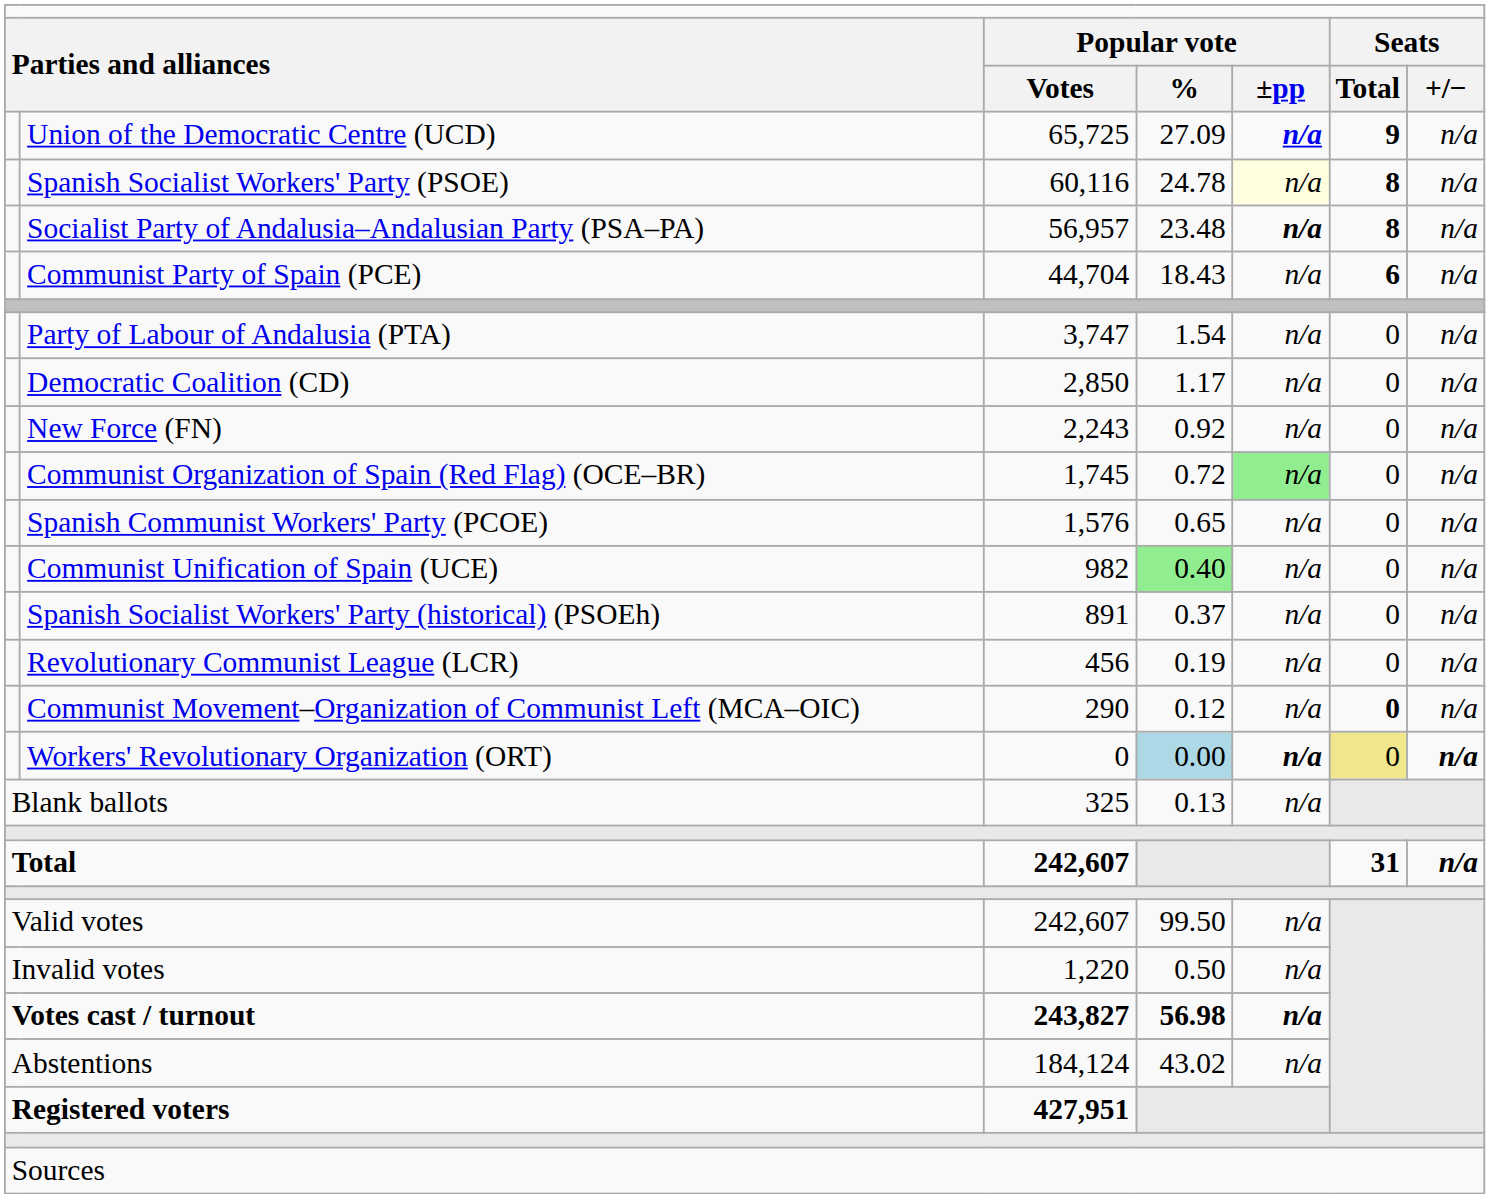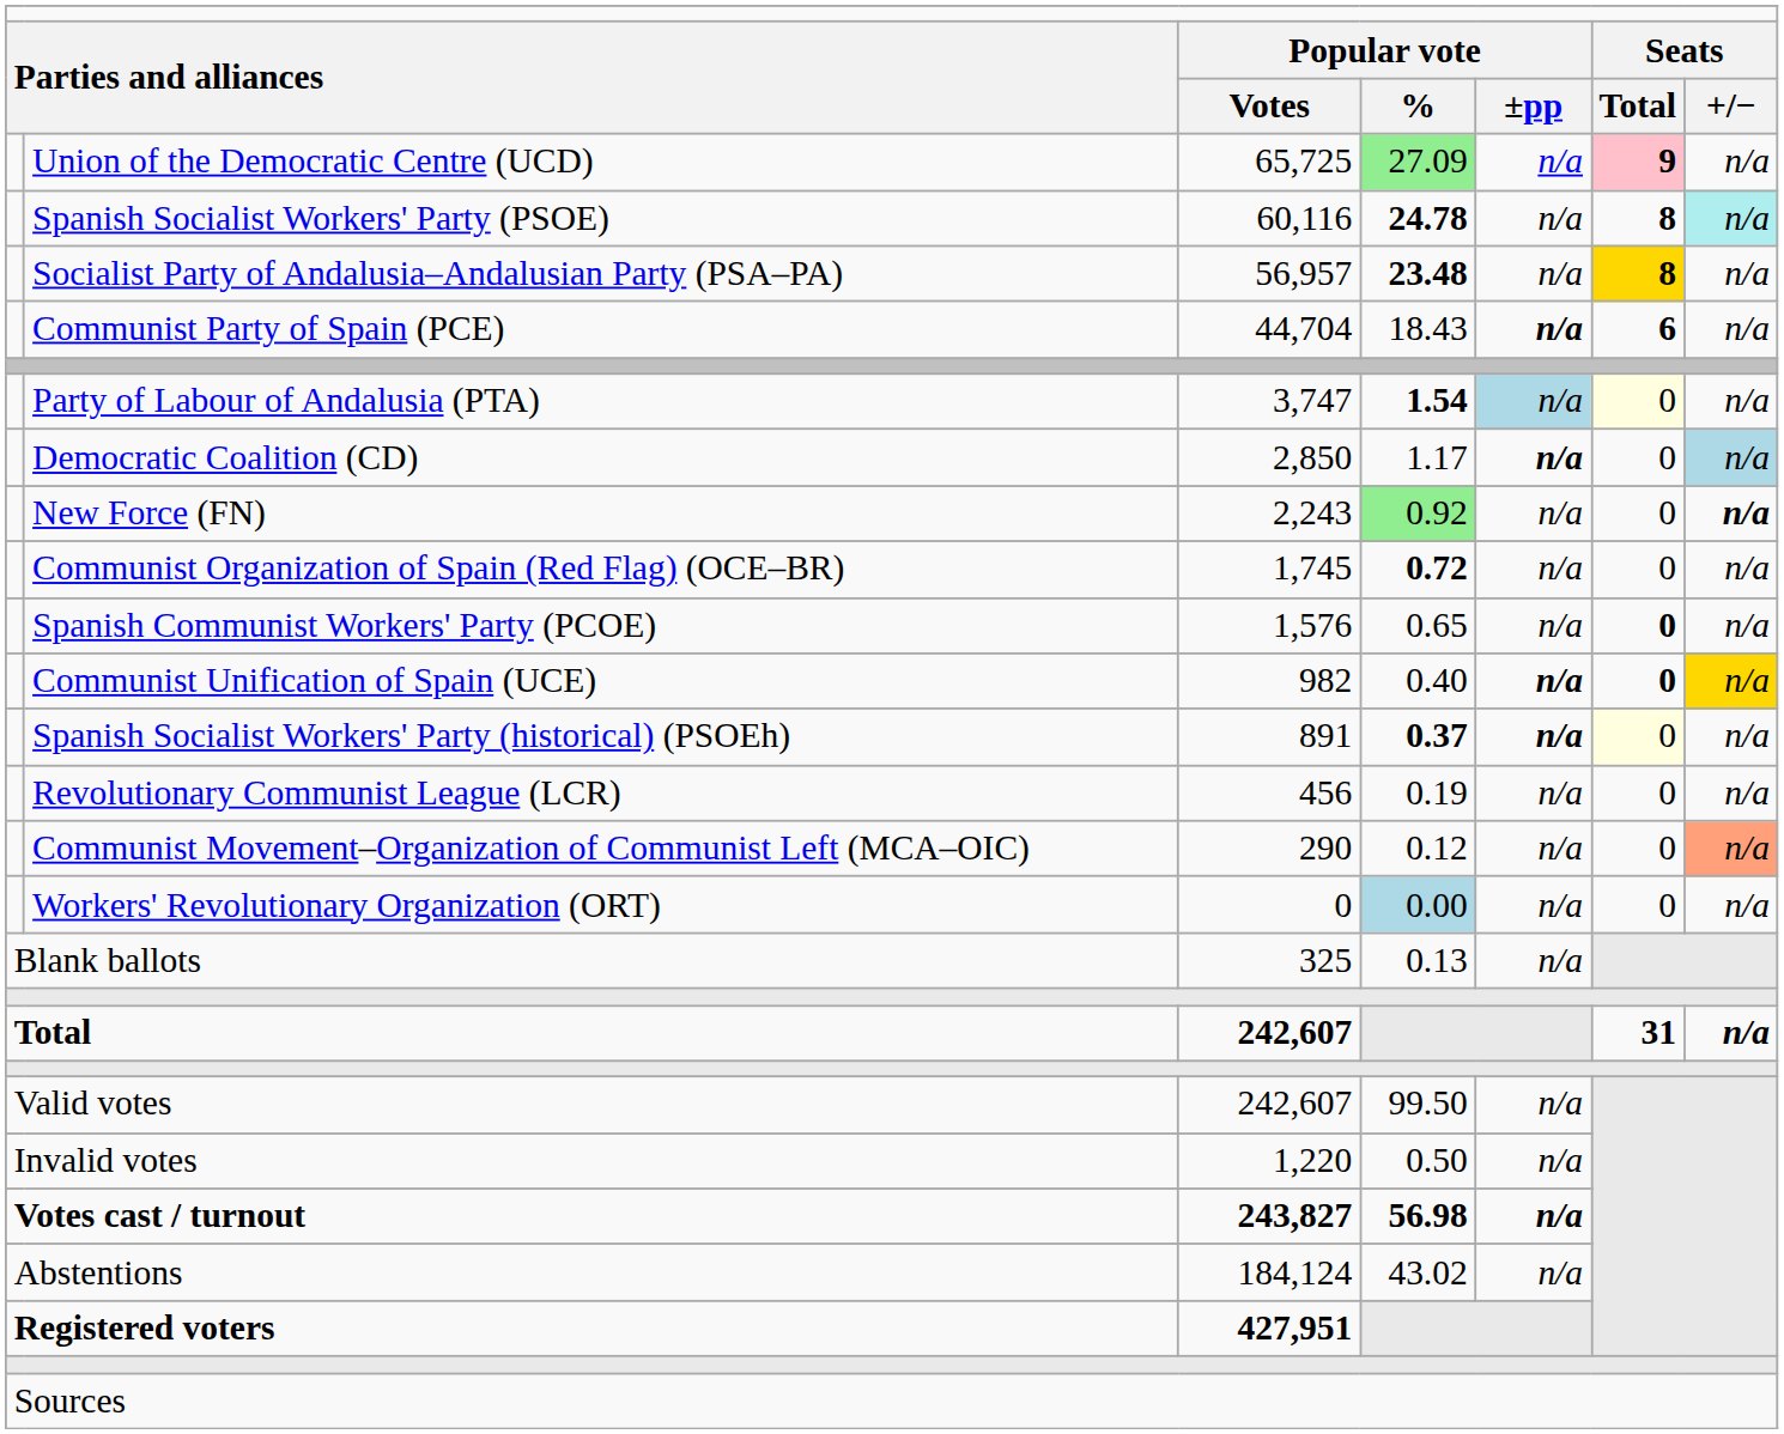 <table class="wikitable" style="text-align:right;">
 <tr>
 <td colspan="7"></td>
 </tr>
 <tr>
 <th style="text-align:left;" rowspan="2" colspan="2" width="525">Parties and alliances</th>
 <th colspan="3">Popular vote</th>
 <th colspan="2">Seats</th>
 </tr>
 <tr>
 <th width="75">Votes</th>
 <th width="45">%</th>
 <th width="45">±<a href='#'>pp</a></th>
 <th width="35">Total</th>
 <th width="35">+/−</th>
 </tr>
 <tr>
 <td width="1" style="color:inherit;background:"></td>
 <td align="left"><a href='#'>Union of the Democratic Centre</a> (UCD)</td>
 <td>65,725</td>
-<td>27.09</td>
-<td><strong><em><a href='#'>n/a</a></em></strong></td>
-<td><strong>9</strong></td>
+<td style="background: lightgreen;">27.09</td>
+<td><em><a href='#'>n/a</a></em></td>
+<td style="background: pink;"><strong>9</strong></td>
 <td><em>n/a</em></td>
 </tr>
 <tr>
 <td style="color:inherit;background:"></td>
 <td align="left"><a href='#'>Spanish Socialist Workers' Party</a> (PSOE)</td>
 <td>60,116</td>
-<td>24.78</td>
-<td style="background: lightyellow;"><em>n/a</em></td>
+<td><strong>24.78</strong></td>
+<td><em>n/a</em></td>
 <td><strong>8</strong></td>
-<td><em>n/a</em></td>
+<td style="background: paleturquoise;"><em>n/a</em></td>
 </tr>
 <tr>
 <td style="color:inherit;background:"></td>
 <td align="left"><a href='#'>Socialist Party of Andalusia–Andalusian Party</a> (PSA–PA)</td>
 <td>56,957</td>
-<td>23.48</td>
-<td><strong><em>n/a</em></strong></td>
-<td><strong>8</strong></td>
+<td><strong>23.48</strong></td>
+<td><em>n/a</em></td>
+<td style="background: gold;"><strong>8</strong></td>
 <td><em>n/a</em></td>
 </tr>
 <tr>
 <td style="color:inherit;background:"></td>
 <td align="left"><a href='#'>Communist Party of Spain</a> (PCE)</td>
 <td>44,704</td>
 <td>18.43</td>
-<td><em>n/a</em></td>
+<td><strong><em>n/a</em></strong></td>
 <td><strong>6</strong></td>
 <td><em>n/a</em></td>
 </tr>
 <tr>
 <td colspan="7" bgcolor="#C0C0C0"></td>
 </tr>
 <tr>
 <td style="color:inherit;background:"></td>
 <td align="left"><a href='#'>Party of Labour of Andalusia</a> (PTA)</td>
 <td>3,747</td>
-<td>1.54</td>
-<td><em>n/a</em></td>
-<td>0</td>
+<td><strong>1.54</strong></td>
+<td style="background: lightblue;"><em>n/a</em></td>
+<td style="background: lightyellow;">0</td>
 <td><em>n/a</em></td>
 </tr>
 <tr>
 <td style="color:inherit;background:"></td>
 <td align="left"><a href='#'>Democratic Coalition</a> (CD)</td>
 <td>2,850</td>
 <td>1.17</td>
-<td><em>n/a</em></td>
+<td><strong><em>n/a</em></strong></td>
 <td>0</td>
-<td><em>n/a</em></td>
+<td style="background: lightblue;"><em>n/a</em></td>
 </tr>
 <tr>
 <td style="color:inherit;background:"></td>
 <td align="left"><a href='#'>New Force</a> (FN)</td>
 <td>2,243</td>
-<td>0.92</td>
+<td style="background: lightgreen;">0.92</td>
 <td><em>n/a</em></td>
 <td>0</td>
-<td><em>n/a</em></td>
+<td><strong><em>n/a</em></strong></td>
 </tr>
 <tr>
 <td style="color:inherit;background:"></td>
 <td align="left"><a href='#'>Communist Organization of Spain (Red Flag)</a> (OCE–BR)</td>
 <td>1,745</td>
-<td>0.72</td>
-<td style="background: lightgreen;"><em>n/a</em></td>
+<td><strong>0.72</strong></td>
+<td><em>n/a</em></td>
 <td>0</td>
 <td><em>n/a</em></td>
 </tr>
 <tr>
 <td style="color:inherit;background:"></td>
 <td align="left"><a href='#'>Spanish Communist Workers' Party</a> (PCOE)</td>
 <td>1,576</td>
 <td>0.65</td>
 <td><em>n/a</em></td>
-<td>0</td>
+<td><strong>0</strong></td>
 <td><em>n/a</em></td>
 </tr>
 <tr>
 <td style="color:inherit;background:"></td>
 <td align="left"><a href='#'>Communist Unification of Spain</a> (UCE)</td>
 <td>982</td>
-<td style="background: lightgreen;">0.40</td>
-<td><em>n/a</em></td>
-<td>0</td>
-<td><em>n/a</em></td>
+<td>0.40</td>
+<td><strong><em>n/a</em></strong></td>
+<td><strong>0</strong></td>
+<td style="background: gold;"><em>n/a</em></td>
 </tr>
 <tr>
 <td style="color:inherit;background:"></td>
 <td align="left"><a href='#'>Spanish Socialist Workers' Party (historical)</a> (PSOEh)</td>
 <td>891</td>
-<td>0.37</td>
-<td><em>n/a</em></td>
-<td>0</td>
+<td><strong>0.37</strong></td>
+<td><strong><em>n/a</em></strong></td>
+<td style="background: lightyellow;">0</td>
 <td><em>n/a</em></td>
 </tr>
 <tr>
 <td style="color:inherit;background:"></td>
 <td align="left"><a href='#'>Revolutionary Communist League</a> (LCR)</td>
 <td>456</td>
 <td>0.19</td>
 <td><em>n/a</em></td>
 <td>0</td>
 <td><em>n/a</em></td>
 </tr>
 <tr>
 <td style="color:inherit;background:"></td>
 <td align="left"><a href='#'>Communist Movement</a>–<a href='#'>Organization of Communist Left</a> (MCA–OIC)</td>
 <td>290</td>
 <td>0.12</td>
 <td><em>n/a</em></td>
-<td><strong>0</strong></td>
-<td><em>n/a</em></td>
+<td>0</td>
+<td style="background: lightsalmon;"><em>n/a</em></td>
 </tr>
 <tr>
 <td style="color:inherit;background:"></td>
 <td align="left"><a href='#'>Workers' Revolutionary Organization</a> (ORT)</td>
 <td>0</td>
 <td style="background: lightblue;">0.00</td>
-<td><strong><em>n/a</em></strong></td>
-<td style="background: khaki;">0</td>
-<td><strong><em>n/a</em></strong></td>
+<td><em>n/a</em></td>
+<td>0</td>
+<td><em>n/a</em></td>
 </tr>
 <tr>
 <td align="left" colspan="2">Blank ballots</td>
 <td>325</td>
 <td>0.13</td>
 <td><em>n/a</em></td>
 <td bgcolor="#E9E9E9" colspan="2"></td>
 </tr>
 <tr>
 <td colspan="7" bgcolor="#E9E9E9"></td>
 </tr>
 <tr style="font-weight:bold;">
 <td align="left" colspan="2">Total</td>
 <td>242,607</td>
 <td bgcolor="#E9E9E9" colspan="2"></td>
 <td>31</td>
 <td><em>n/a</em></td>
 </tr>
 <tr>
 <td colspan="7" bgcolor="#E9E9E9"></td>
 </tr>
 <tr>
 <td align="left" colspan="2">Valid votes</td>
 <td>242,607</td>
 <td>99.50</td>
 <td><em>n/a</em></td>
 <td bgcolor="#E9E9E9" colspan="2" rowspan="5"></td>
 </tr>
 <tr>
 <td align="left" colspan="2">Invalid votes</td>
 <td>1,220</td>
 <td>0.50</td>
 <td><em>n/a</em></td>
 </tr>
 <tr style="font-weight:bold;">
 <td align="left" colspan="2">Votes cast / turnout</td>
 <td>243,827</td>
 <td>56.98</td>
 <td><em>n/a</em></td>
 </tr>
 <tr>
 <td align="left" colspan="2">Abstentions</td>
 <td>184,124</td>
 <td>43.02</td>
 <td><em>n/a</em></td>
 </tr>
 <tr style="font-weight:bold;">
 <td align="left" colspan="2">Registered voters</td>
 <td>427,951</td>
 <td bgcolor="#E9E9E9" colspan="2"></td>
 </tr>
 <tr>
 <td colspan="7" bgcolor="#E9E9E9"></td>
 </tr>
 <tr>
 <td align="left" colspan="7">Sources</td>
 </tr>
 </table>
